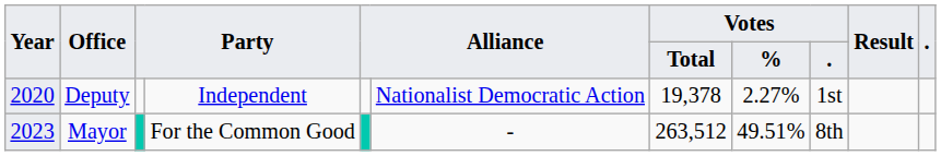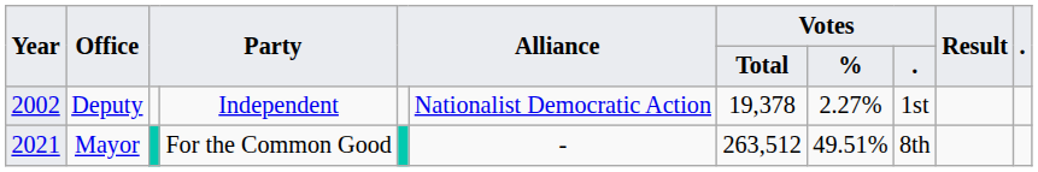 <table class="wikitable" style="font-size:90%; text-align:center;">
 <tr>
 <th style="background-color:#EAECF0;" rowspan=2>Year</th>
 <th style="background-color:#EAECF0;" rowspan=2>Office</th>
 <th style="background-color:#EAECF0;" colspan=2 rowspan=2>Party</th>
 <th style="background-color:#EAECF0;" colspan=2 rowspan=2>Alliance</th>
 <th style="background-color:#EAECF0;" colspan=3>Votes</th>
 <th style="background-color:#EAECF0;" rowspan=2>Result</th>
 <th style="background-color:#EAECF0;" rowspan=2>.</th>
 </tr>
 <tr>
 <th style="background-color:#EAECF0;">Total</th>
 <th style="background-color:#EAECF0;">%</th>
 <th style="background-color:#EAECF0;">.</th>
 </tr>
 <tr>
-<td style="background-color:#EAECF0;"><a href='#'>2020</a></td>
+<td style="background-color:#EAECF0;"><a href='#'>2002</a></td>
 <td><a href='#'>Deputy</a></td>
 <td style="background-color:"></td>
 <td><a href='#'>Independent</a></td>
 <td style="background-color:"></td>
 <td><a href='#'>Nationalist Democratic Action</a></td>
 <td>19,378</td>
 <td>2.27%</td>
 <td>1st</td>
 <td></td>
 <td></td>
 </tr>
 <tr>
-<td style="background-color:#EAECF0;"><a href='#'>2023</a></td>
+<td style="background-color:#EAECF0;"><a href='#'>2021</a></td>
 <td><a href='#'>Mayor</a></td>
 <td style="background-color:#01C9AF;"></td>
 <td>For the Common Good</td>
 <td style="background-color:#01C9AF;"></td>
 <td>-</td>
 <td>263,512</td>
 <td>49.51%</td>
 <td>8th</td>
 <td></td>
 <td></td>
 </tr>
 </table>
